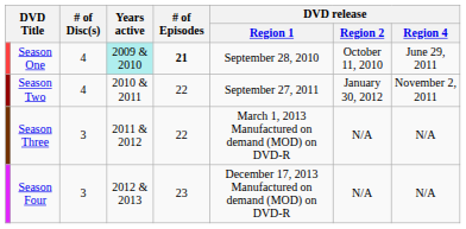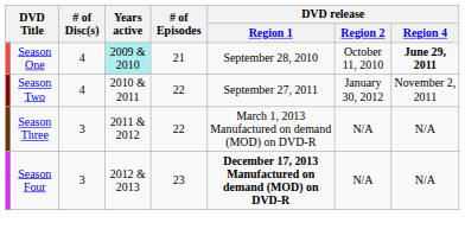 <table class="wikitable" style="width:99%; left:0 auto; text-align:center;">
 <tr>
 <th colspan="2" rowspan="2">DVD Title</th>
 <th rowspan="2"># of Disc(s)</th>
 <th rowspan="2">Years active</th>
 <th rowspan="2"># of Episodes</th>
 <th colspan="3">DVD release</th>
 </tr>
 <tr>
 <th><a href='#'>Region 1</a></th>
 <th><a href='#'>Region 2</a></th>
 <th><a href='#'>Region 4</a></th>
 </tr>
 <tr>
 <td style="background:#ff4040;"></td>
 <td><a href='#'>Season One</a></td>
 <td>4</td>
 <td style="background: paleturquoise;">2009 & 2010</td>
-<td><strong>21</strong></td>
+<td>21</td>
 <td>September 28, 2010</td>
 <td>October 11, 2010</td>
-<td>June 29, 2011</td>
+<td><strong>June 29, 2011</strong></td>
 </tr>
 <tr>
 <td style="background:#930200;"></td>
 <td><a href='#'>Season Two</a></td>
 <td>4</td>
 <td>2010 & 2011</td>
 <td>22</td>
 <td>September 27, 2011</td>
 <td>January 30, 2012</td>
 <td>November 2, 2011</td>
 </tr>
 <tr>
 <td style="background:#723200;"></td>
 <td><a href='#'>Season Three</a></td>
 <td>3</td>
 <td>2011 & 2012</td>
 <td>22</td>
 <td>March 1, 2013<br>Manufactured on demand (MOD) on DVD-R</td>
 <td>N/A</td>
 <td>N/A</td>
 </tr>
 <tr>
 <td style="background:#e326ff;"></td>
 <td><a href='#'>Season Four</a></td>
 <td>3</td>
 <td>2012 & 2013</td>
 <td>23</td>
-<td>December 17, 2013<br>Manufactured on demand (MOD) on DVD-R</td>
+<td><strong>December 17, 2013<br>Manufactured on demand (MOD) on DVD-R</strong></td>
 <td>N/A</td>
 <td>N/A</td>
 </tr>
 </table>
